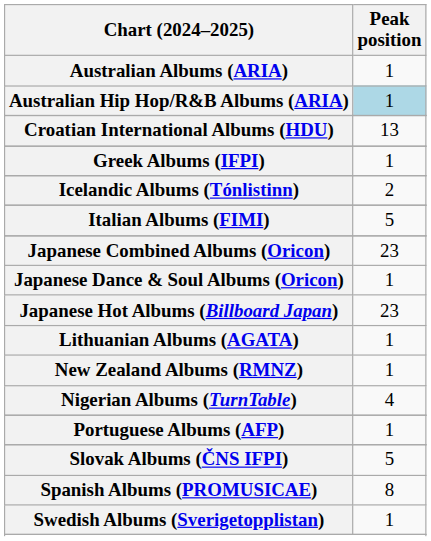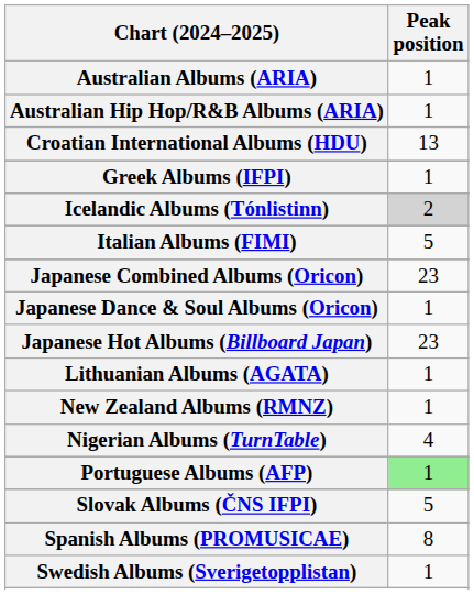 <table class="wikitable sortable plainrowheaders" style="text-align:center">
 <tr>
 <th scope="col">Chart (2024–2025)</th>
 <th scope="col">Peak<br>position</th>
 </tr>
 <tr>
 <th scope="row">Australian Albums (<a href='#'>ARIA</a>)</th>
 <td>1</td>
 </tr>
 <tr>
 <th scope="row">Australian Hip Hop/R&B Albums (<a href='#'>ARIA</a>)</th>
-<td style="background: lightblue;">1</td>
+<td>1</td>
 </tr>
 <tr>
 </tr>
 <tr>
 </tr>
 <tr>
 </tr>
 <tr>
 </tr>
 <tr>
 <th scope="row">Croatian International Albums (<a href='#'>HDU</a>)</th>
 <td>13</td>
 </tr>
 <tr>
 </tr>
 <tr>
 </tr>
 <tr>
 </tr>
 <tr>
 </tr>
 <tr>
 </tr>
 <tr>
 </tr>
 <tr>
 <th scope="row">Greek Albums (<a href='#'>IFPI</a>)</th>
 <td>1</td>
 </tr>
 <tr>
 </tr>
 <tr>
 <th scope="row">Icelandic Albums (<a href='#'>Tónlistinn</a>)</th>
-<td>2</td>
+<td style="background: lightgrey;">2</td>
 </tr>
 <tr>
 </tr>
 <tr>
 <th scope="row">Italian Albums (<a href='#'>FIMI</a>)</th>
 <td>5</td>
 </tr>
 <tr>
 </tr>
 <tr>
 <th scope="row">Japanese Combined Albums (<a href='#'>Oricon</a>)</th>
 <td>23</td>
 </tr>
 <tr>
 <th scope="row">Japanese Dance & Soul Albums (<a href='#'>Oricon</a>)</th>
 <td>1</td>
 </tr>
 <tr>
 <th scope="row">Japanese Hot Albums (<em><a href='#'>Billboard Japan</a></em>)</th>
 <td>23</td>
 </tr>
 <tr>
 <th scope="row">Lithuanian Albums (<a href='#'>AGATA</a>)</th>
 <td>1</td>
 </tr>
 <tr>
 <th scope="row">New Zealand Albums (<a href='#'>RMNZ</a>)</th>
 <td>1</td>
 </tr>
 <tr>
 <th scope="row">Nigerian Albums (<a href='#'><em>TurnTable</em></a>)</th>
 <td>4</td>
 </tr>
 <tr>
 </tr>
 <tr>
 </tr>
 <tr>
 <th scope="row">Portuguese Albums (<a href='#'>AFP</a>)</th>
-<td>1</td>
+<td style="background: lightgreen;">1</td>
 </tr>
 <tr>
 </tr>
 <tr>
 <th scope="row">Slovak Albums (<a href='#'>ČNS IFPI</a>)</th>
 <td>5</td>
 </tr>
 <tr>
 <th scope="row">Spanish Albums (<a href='#'>PROMUSICAE</a>)</th>
 <td>8</td>
 </tr>
 <tr>
 <th scope="row">Swedish Albums (<a href='#'>Sverigetopplistan</a>)</th>
 <td>1</td>
 </tr>
 <tr>
 </tr>
 <tr>
 </tr>
 <tr>
 </tr>
 <tr>
 </tr>
 <tr>
 </tr>
 </table>
